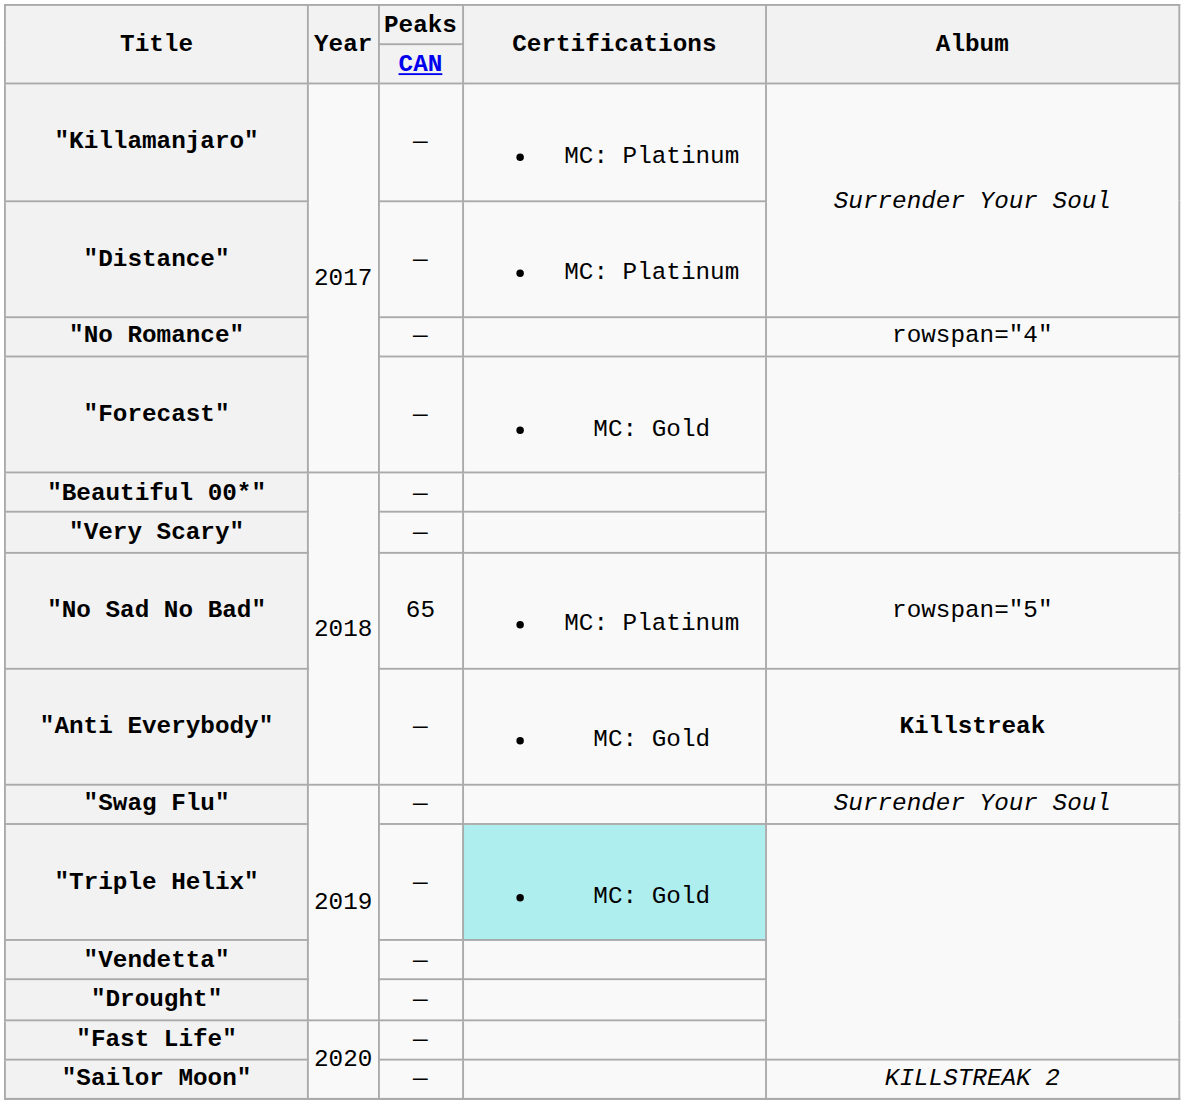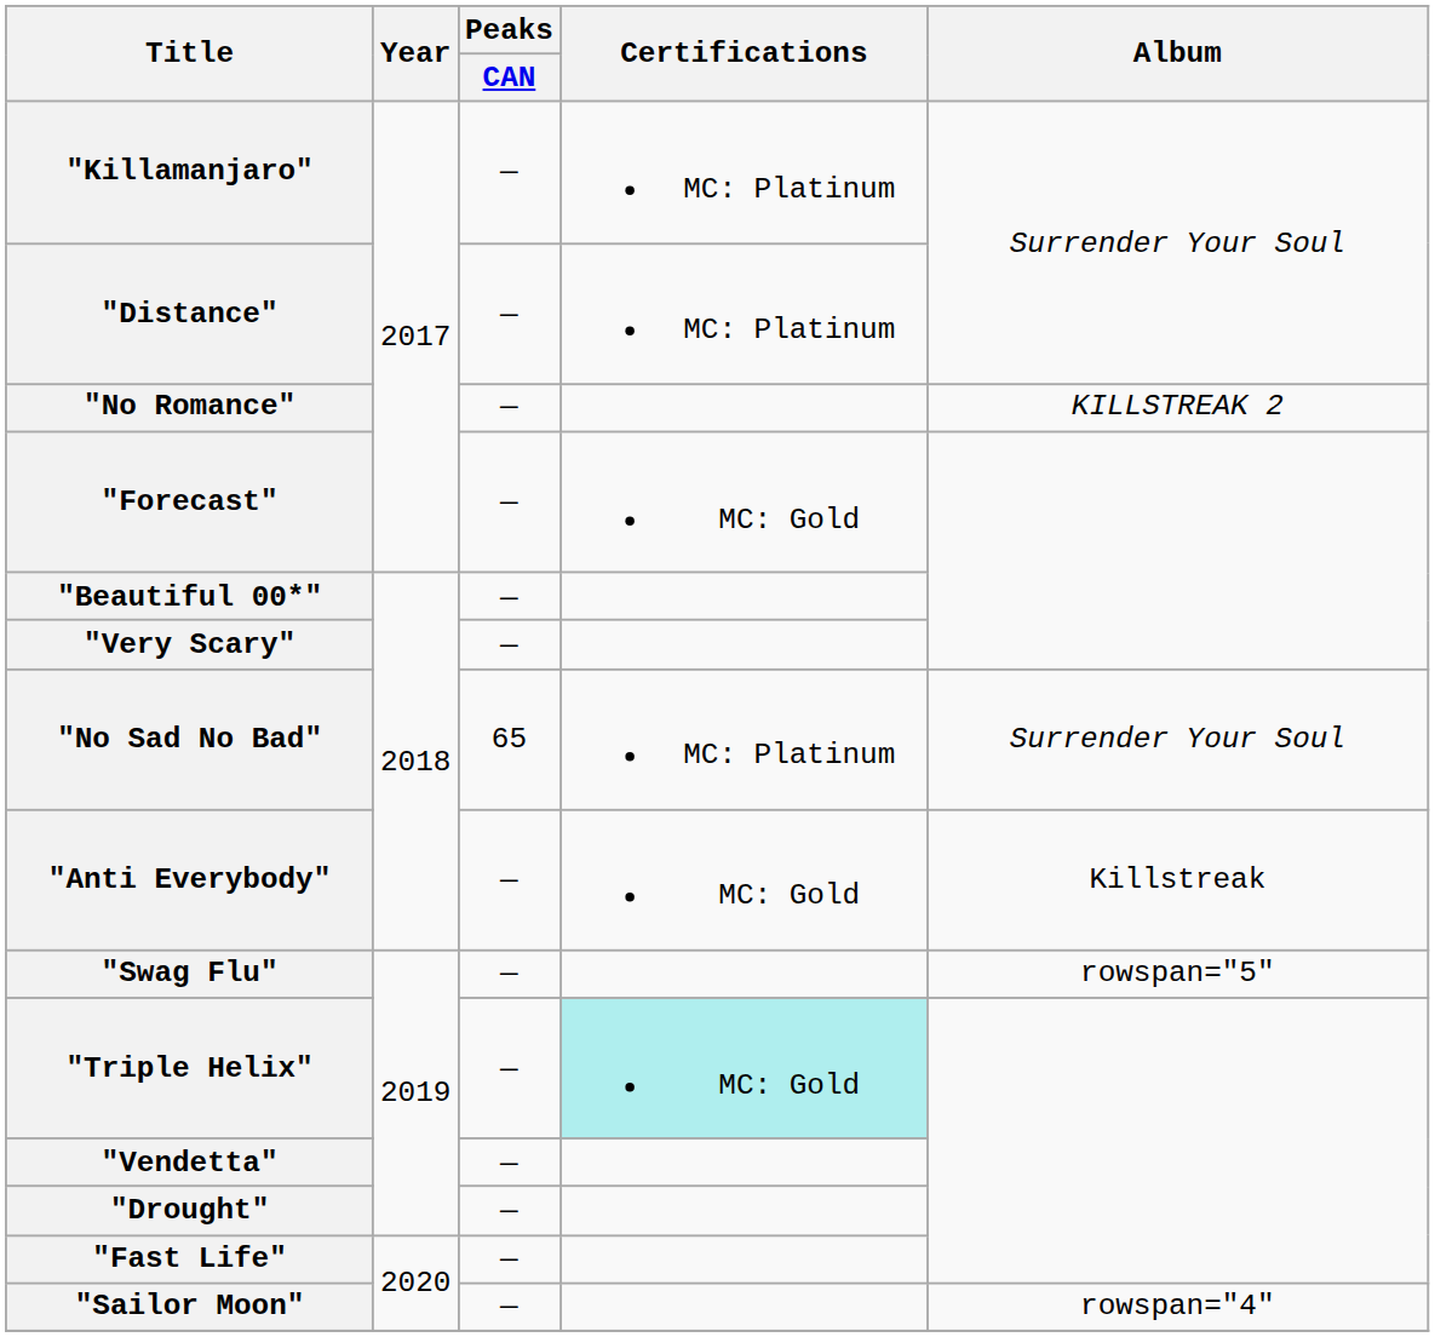 <table class="wikitable plainrowheaders" style="text-align:center;">
 <tr>
 <th scope="col" rowspan="2" style="width:12em;">Title</th>
 <th scope="col" rowspan="2" style="width:1em;">Year</th>
 <th scope="col">Peaks</th>
 <th scope="col" rowspan="2" style="width:12em;">Certifications</th>
 <th scope="col" rowspan="2" style="width:16.5em;">Album</th>
 </tr>
 <tr>
 <th style="width:2.5em; font-size:100%"><a href='#'>CAN</a><br></th>
 </tr>
 <tr>
 <th scope="row">"Killamanjaro"</th>
 <td rowspan="4">2017</td>
 <td>—</td>
 <td><br><ul><li>MC: Platinum</li></ul></td>
 <td rowspan="2"><em>Surrender Your Soul</em></td>
 </tr>
 <tr>
 <th scope="row">"Distance"</th>
 <td>—</td>
 <td><br><ul><li>MC: Platinum</li></ul></td>
 </tr>
 <tr>
 <th scope="row">"No Romance"<br></th>
 <td>—</td>
 <td></td>
-<td>rowspan="4" </td>
+<td><em>KILLSTREAK 2</em></td>
 </tr>
 <tr>
 <th scope="row">"Forecast"</th>
 <td>—</td>
 <td><br><ul><li>MC: Gold</li></ul></td>
 </tr>
 <tr>
 <th scope="row">"Beautiful 00*"</th>
 <td rowspan="4">2018</td>
 <td>—</td>
 <td></td>
 </tr>
 <tr>
 <th scope="row">"Very Scary"</th>
 <td>—</td>
 <td></td>
 </tr>
 <tr>
 <th scope="row">"No Sad No Bad"</th>
 <td>65</td>
 <td><br><ul><li>MC: Platinum</li></ul></td>
-<td>rowspan="5" </td>
+<td><em>Surrender Your Soul</em></td>
 </tr>
 <tr>
 <th scope="row">"Anti Everybody"</th>
 <td>—</td>
 <td><br><ul><li>MC: Gold</li></ul></td>
-<td><strong>Killstreak</strong></td>
+<td>Killstreak</td>
 </tr>
 <tr>
 <th scope="row">"Swag Flu"</th>
 <td rowspan="4">2019</td>
 <td>—</td>
 <td></td>
-<td><em>Surrender Your Soul</em></td>
+<td>rowspan="5" </td>
 </tr>
 <tr>
 <th scope="row">"Triple Helix"</th>
 <td>—</td>
 <td style="background: paleturquoise;"><br><ul><li>MC: Gold</li></ul></td>
 </tr>
 <tr>
 <th scope="row">"Vendetta"</th>
 <td>—</td>
 <td></td>
 </tr>
 <tr>
 <th scope="row">"Drought"<br></th>
 <td>—</td>
 <td></td>
 </tr>
 <tr>
 <th scope="row">"Fast Life"<br></th>
 <td rowspan="2">2020</td>
 <td>—</td>
 <td></td>
 </tr>
 <tr>
 <th scope="row">"Sailor Moon"</th>
 <td>—</td>
 <td></td>
-<td><em>KILLSTREAK 2</em></td>
+<td>rowspan="4" </td>
 </tr>
 <tr>
 </tr>
 </table>
